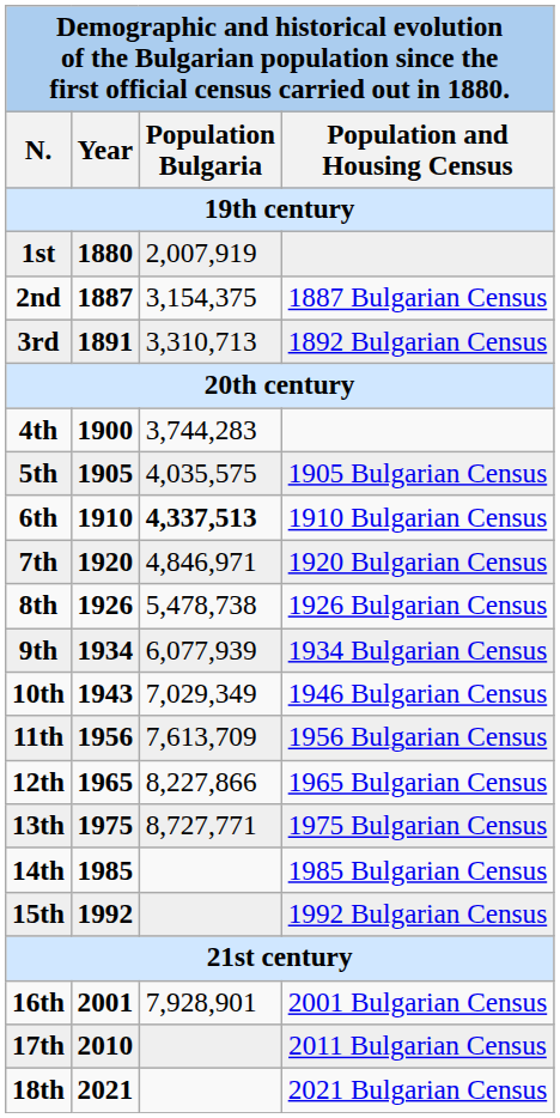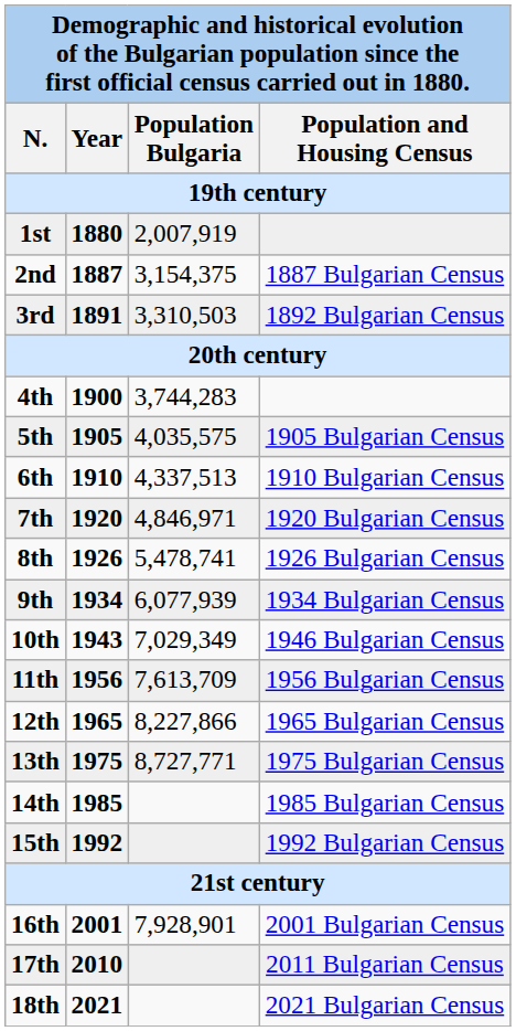 <table class="wikitable">
 <tr>
 <th colspan= "4" style="text-align:center; background:#abcdef;">Demographic and historical evolution <br>of the Bulgarian population since the <br> first official census carried out in 1880.</th>
 </tr>
 <tr>
 <th>N.</th>
 <th>Year</th>
 <th>Population<br>Bulgaria</th>
 <th>Population and <br> Housing Census</th>
 </tr>
 <tr align="center">
 <td colspan="4" style="background:#D0E7FF"><strong>19th century</strong></td>
 </tr>
 <tr align="center" style="background:#efefef; color:black">
 <td><strong>1st</strong></td>
 <td><strong>1880</strong></td>
 <td align="left"> 2,007,919</td>
 <td></td>
 </tr>
 <tr align="center">
 <td><strong>2nd</strong></td>
 <td><strong>1887</strong></td>
 <td align="left"> 3,154,375</td>
 <td><a href='#'>1887 Bulgarian Census</a></td>
 </tr>
 <tr align="center" style="background:#efefef; color:black">
 <td><strong>3rd</strong></td>
 <td><strong>1891</strong></td>
-<td align="left"> 3,310,713</td>
+<td align="left"> 3,310,503</td>
 <td><a href='#'>1892 Bulgarian Census</a></td>
 </tr>
 <tr align="center">
 <td colspan="4" style="background:#D0E7FF"><strong>20th century</strong></td>
 </tr>
 <tr align="center">
 <td><strong>4th</strong></td>
 <td><strong>1900</strong></td>
 <td align="left"> 3,744,283</td>
 <td></td>
 </tr>
 <tr align="center" style="background:#efefef; color:black">
 <td><strong>5th</strong></td>
 <td><strong>1905</strong></td>
 <td align="left"> 4,035,575</td>
 <td><a href='#'>1905 Bulgarian Census</a></td>
 </tr>
 <tr align="center">
 <td><strong>6th</strong></td>
 <td><strong>1910</strong></td>
-<td align="left"><strong> 4,337,513</strong></td>
+<td align="left"> 4,337,513</td>
 <td><a href='#'>1910 Bulgarian Census</a></td>
 </tr>
 <tr align="center" style="background:#efefef; color:black">
 <td><strong>7th</strong></td>
 <td><strong>1920</strong></td>
 <td align="left"> 4,846,971</td>
 <td><a href='#'>1920 Bulgarian Census</a></td>
 </tr>
 <tr align="center">
 <td><strong>8th</strong></td>
 <td><strong>1926</strong></td>
-<td align="left"> 5,478,738</td>
+<td align="left"> 5,478,741</td>
 <td><a href='#'>1926 Bulgarian Census</a></td>
 </tr>
 <tr align="center" style="background:#efefef; color:black">
 <td><strong>9th</strong></td>
 <td><strong>1934</strong></td>
 <td align="left"> 6,077,939</td>
 <td><a href='#'>1934 Bulgarian Census</a></td>
 </tr>
 <tr align="center">
 <td><strong>10th</strong></td>
 <td><strong>1943</strong></td>
 <td align="left"> 7,029,349</td>
 <td><a href='#'>1946 Bulgarian Census</a></td>
 </tr>
 <tr align="center" style="background:#efefef; color:black">
 <td><strong>11th</strong></td>
 <td><strong>1956</strong></td>
 <td align="left"> 7,613,709</td>
 <td><a href='#'>1956 Bulgarian Census</a></td>
 </tr>
 <tr align="center">
 <td><strong>12th</strong></td>
 <td><strong>1965</strong></td>
 <td align="left"> 8,227,866</td>
 <td><a href='#'>1965 Bulgarian Census</a></td>
 </tr>
 <tr align="center" style="background:#efefef; color:black">
 <td><strong>13th</strong></td>
 <td><strong>1975</strong></td>
 <td align="left"> 8,727,771</td>
 <td><a href='#'>1975 Bulgarian Census</a></td>
 </tr>
 <tr align="center">
 <td><strong>14th</strong></td>
 <td><strong>1985</strong></td>
 <td align="left"></td>
 <td><a href='#'>1985 Bulgarian Census</a></td>
 </tr>
 <tr align="center" style="background:#efefef; color:black">
 <td><strong>15th</strong></td>
 <td><strong>1992</strong></td>
 <td align="left"></td>
 <td><a href='#'>1992 Bulgarian Census</a></td>
 </tr>
 <tr align="center">
 <td colspan="4" style="background:#D0E7FF"><strong>21st century</strong></td>
 </tr>
 <tr align="center">
 <td><strong>16th</strong></td>
 <td><strong>2001</strong></td>
 <td align="left"> 7,928,901</td>
 <td><a href='#'>2001 Bulgarian Census</a></td>
 </tr>
 <tr align="center" style="background:#efefef; color:black">
 <td><strong>17th</strong></td>
 <td><strong>2010</strong></td>
 <td align="left"></td>
 <td><a href='#'>2011 Bulgarian Census</a></td>
 </tr>
 <tr align="center">
 <td><strong>18th</strong></td>
 <td><strong>2021</strong></td>
 <td align="left"></td>
 <td><a href='#'>2021 Bulgarian Census</a></td>
 </tr>
 </table>
